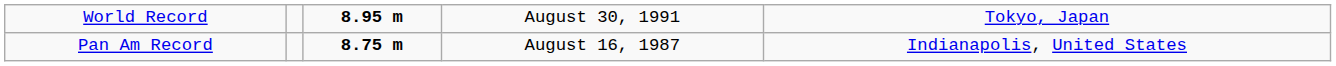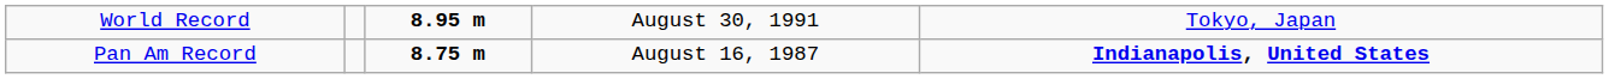 <table class="wikitable" style=" text-align:center; font-size:95%;" width="75%">
 <tr>
 <td><a href='#'>World Record</a></td>
 <td></td>
 <td><strong>8.95 m </strong></td>
 <td>August 30, 1991</td>
 <td> <a href='#'>Tokyo, Japan</a></td>
 </tr>
 <tr>
 <td><a href='#'>Pan Am Record</a></td>
 <td></td>
 <td><strong>8.75 m </strong></td>
 <td>August 16, 1987</td>
-<td> <a href='#'>Indianapolis</a>, <a href='#'>United States</a></td>
+<td><strong> <a href='#'>Indianapolis</a>, <a href='#'>United States</a></strong></td>
 </tr>
 </table>
